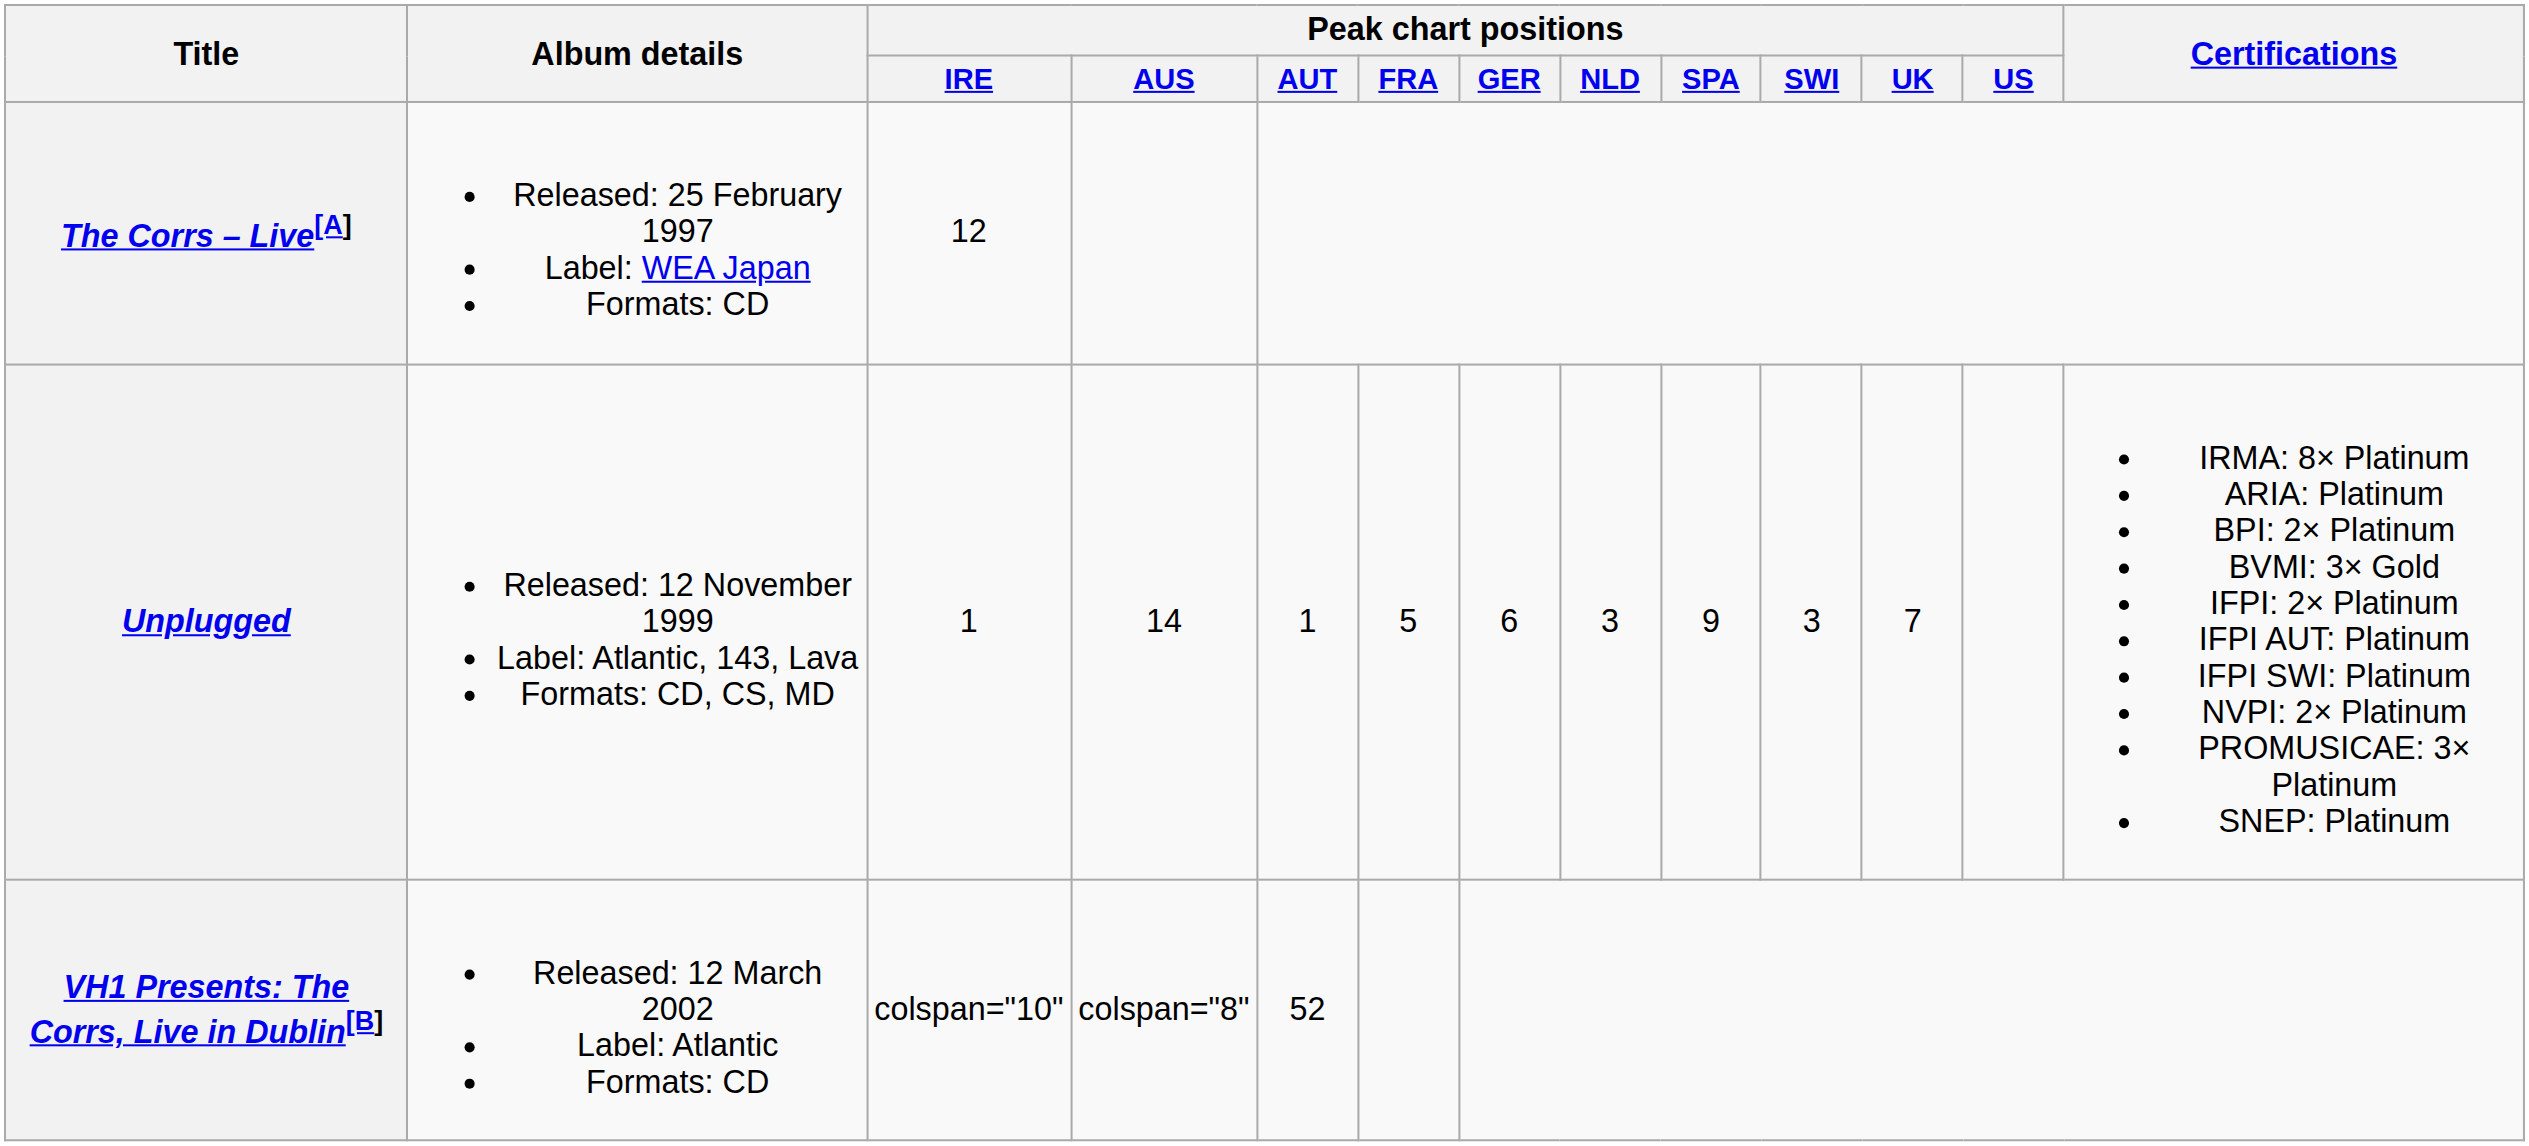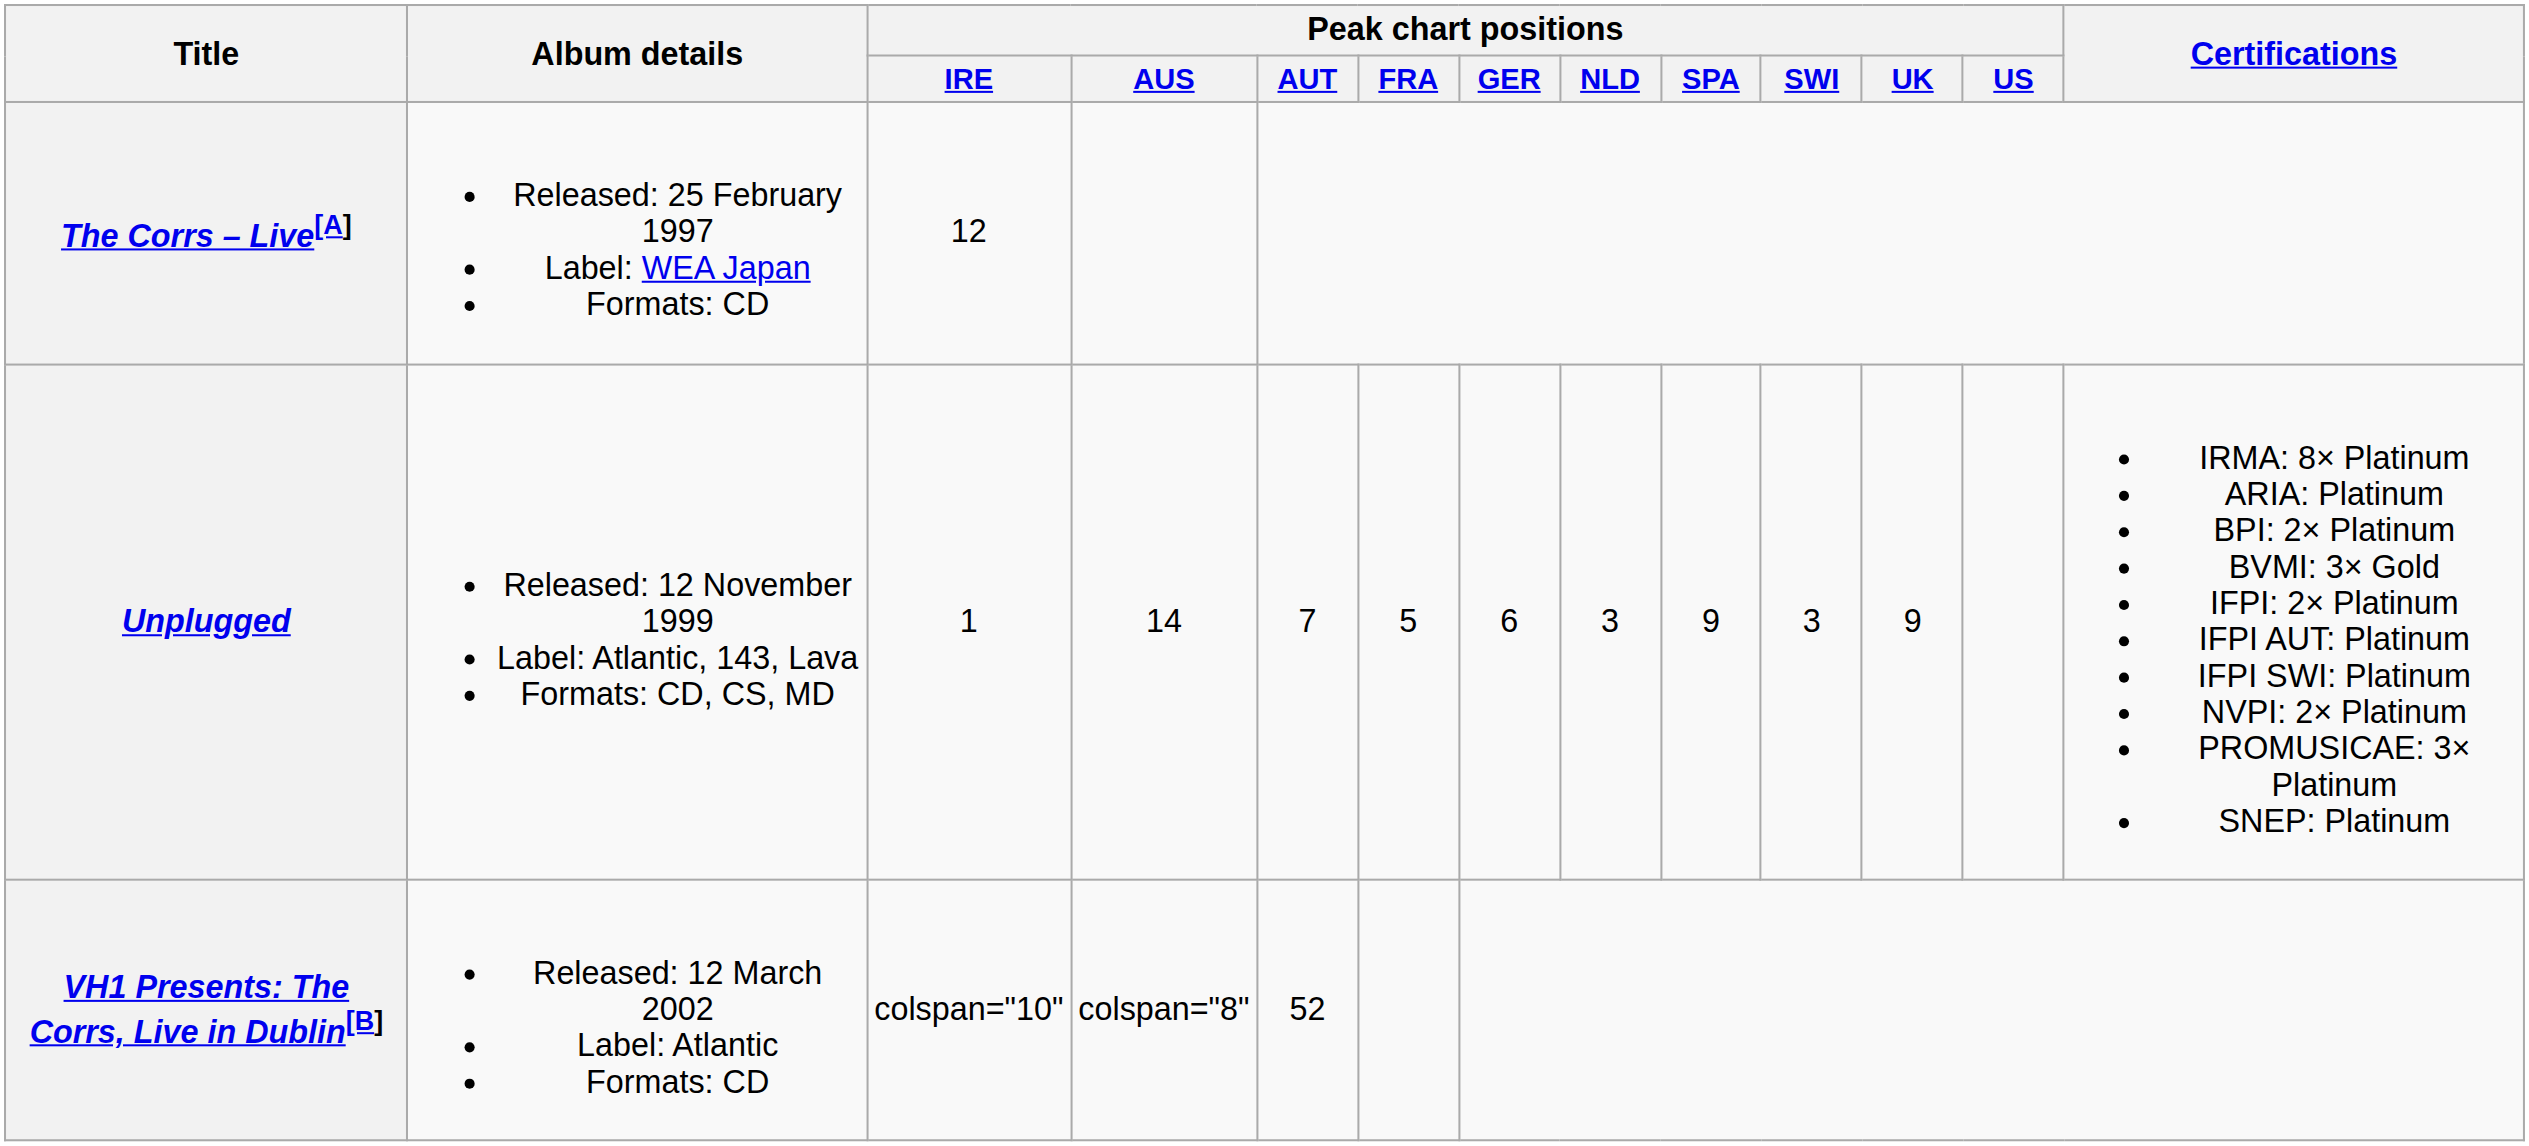 <table class="wikitable plainrowheaders" style="text-align:center;" border="1">
 <tr>
 <th scope="col" rowspan="2" style="width:12em;">Title</th>
 <th scope="col" rowspan="2">Album details</th>
 <th scope="col" colspan="10">Peak chart positions</th>
 <th scope="col" rowspan="2"><a href='#'>Certifications</a></th>
 </tr>
 <tr>
 <th scope="col" style="width:3em;font-size:90%;"><a href='#'>IRE</a><br></th>
 <th scope="col" style="width:3em;font-size:90%;"><a href='#'>AUS</a><br></th>
 <th scope="col" style="width:3em;font-size:90%;"><a href='#'>AUT</a><br></th>
 <th scope="col" style="width:3em;font-size:90%;"><a href='#'>FRA</a><br></th>
 <th scope="col" style="width:3em;font-size:90%;"><a href='#'>GER</a><br></th>
 <th scope="col" style="width:3em;font-size:90%;"><a href='#'>NLD</a><br></th>
 <th scope="col" style="width:3em;font-size:90%;"><a href='#'>SPA</a><br></th>
 <th scope="col" style="width:3em;font-size:90%;"><a href='#'>SWI</a><br></th>
 <th scope="col" style="width:3em;font-size:90%;"><a href='#'>UK</a><br></th>
 <th scope="col" style="width:3em;font-size:90%;"><a href='#'>US</a><br></th>
 </tr>
 <tr>
 <th scope="row"><em><a href='#'>The Corrs – Live</a></em><sup><span></span><a href='#'>[A</a>]</sup></th>
 <td><br><ul><li>Released: 25 February 1997</li><li>Label: <a href='#'>WEA Japan</a></li><li>Formats: CD</li></ul></td>
 <td>12</td>
 <td></td>
 </tr>
 <tr>
 <th scope="row"><em><a href='#'>Unplugged</a></em></th>
 <td><br><ul><li>Released: 12 November 1999</li><li>Label: Atlantic, 143, Lava</li><li>Formats: CD, CS, MD</li></ul></td>
 <td>1</td>
 <td>14</td>
-<td>1</td>
+<td>7</td>
 <td>5</td>
 <td>6</td>
 <td>3</td>
 <td>9</td>
 <td>3</td>
-<td>7</td>
+<td>9</td>
 <td></td>
 <td><br><ul><li>IRMA: 8× Platinum</li><li>ARIA: Platinum</li><li>BPI: 2× Platinum</li><li>BVMI: 3× Gold</li><li>IFPI: 2× Platinum</li><li>IFPI AUT: Platinum</li><li>IFPI SWI: Platinum</li><li>NVPI: 2× Platinum</li><li>PROMUSICAE: 3× Platinum</li><li>SNEP: Platinum</li></ul></td>
 </tr>
 <tr>
 <th scope="row"><em><a href='#'>VH1 Presents: The Corrs, Live in Dublin</a></em><sup><span></span><a href='#'>[B</a>]</sup></th>
 <td><br><ul><li>Released: 12 March 2002</li><li>Label: Atlantic</li><li>Formats: CD</li></ul></td>
 <td>colspan="10"</td>
 <td>colspan="8"</td>
 <td>52</td>
 <td></td>
 </tr>
 </table>
